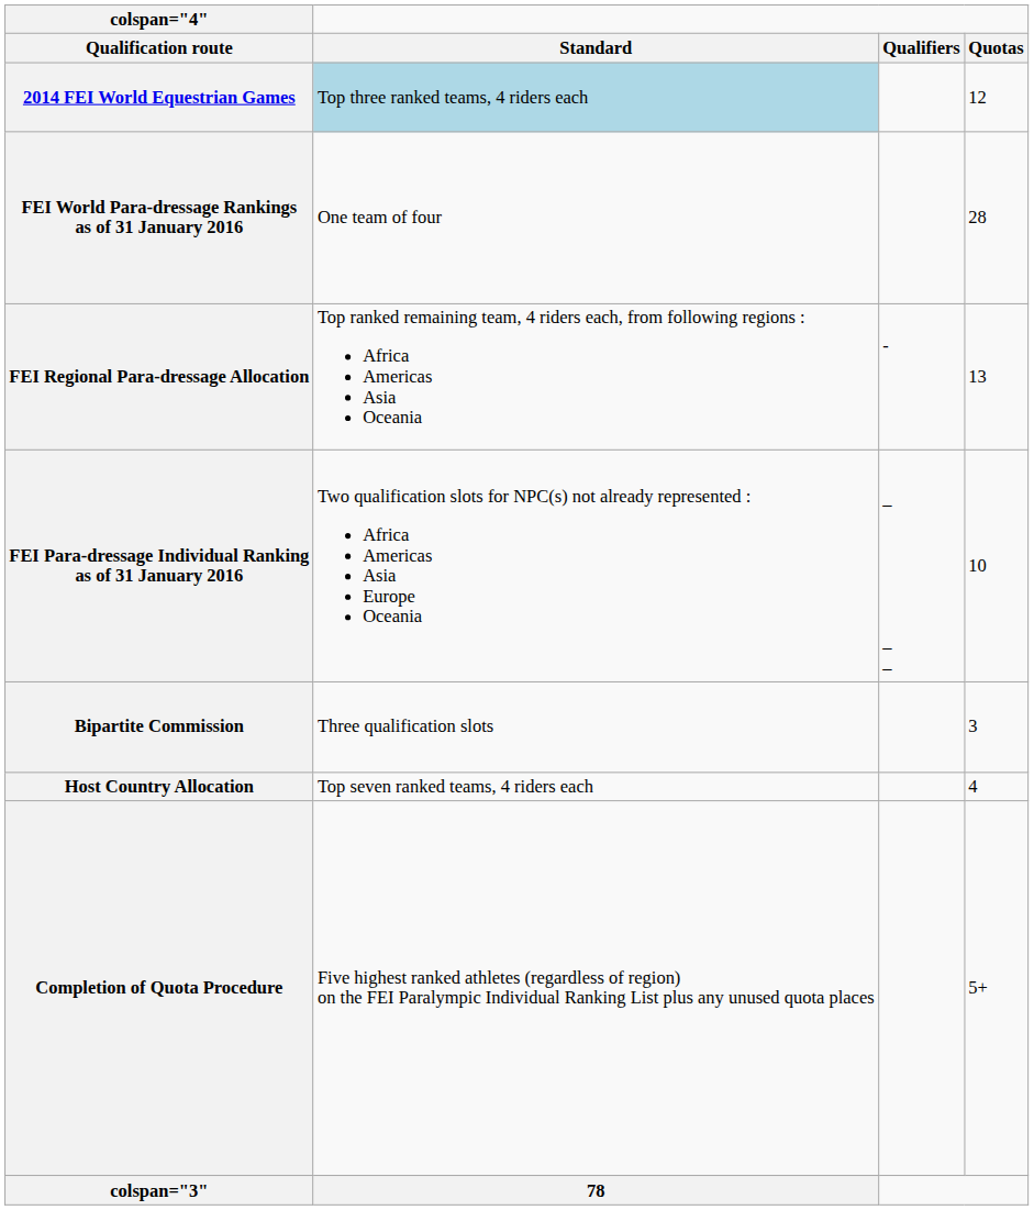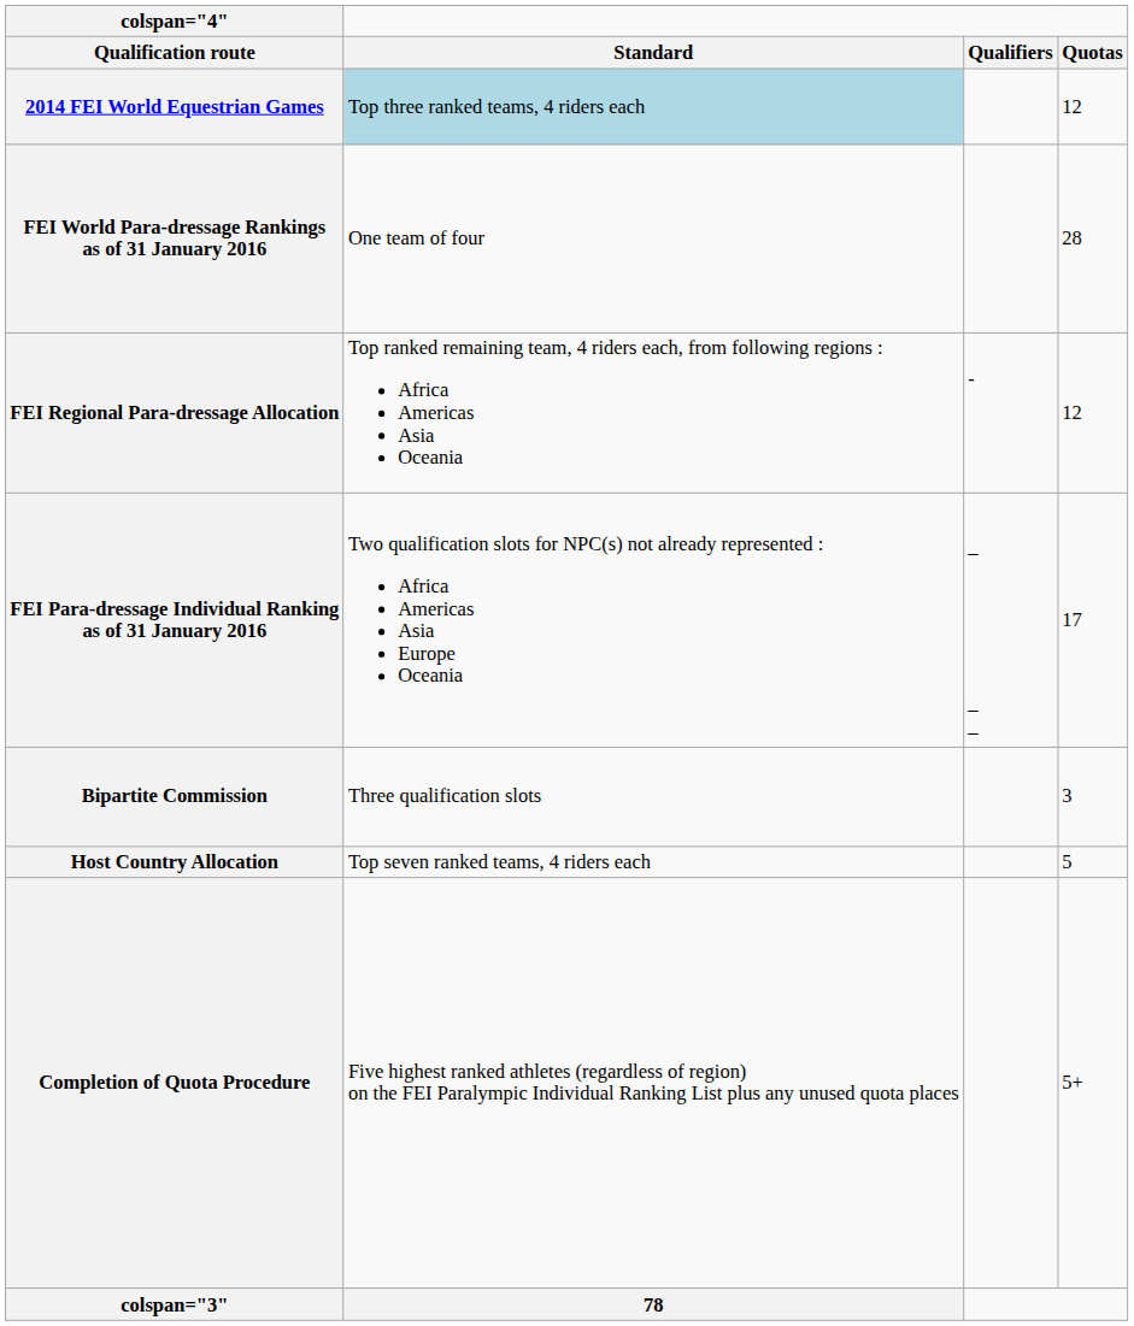 <table class="wikitable">
 <tr>
 <th>colspan="4" <strong></strong></th>
 </tr>
 <tr>
 <th>Qualification route</th>
 <th>Standard</th>
 <th>Qualifiers</th>
 <th>Quotas</th>
 </tr>
 <tr>
 <th><strong><a href='#'>2014 FEI World Equestrian Games</a></strong></th>
 <td style="background: lightblue;">Top three ranked teams, 4 riders each</td>
 <td><br> <br> <br></td>
 <td>12</td>
 </tr>
 <tr>
 <th><strong>FEI World Para-dressage Rankings</strong><br>as of 31 January 2016</th>
 <td>One team of four</td>
 <td><br><br><br> <br> <br> <br> <br> <br></td>
 <td>28</td>
 </tr>
 <tr>
 <th><strong>FEI Regional Para-dressage Allocation</strong></th>
 <td>Top ranked remaining team, 4 riders each, from following regions :<br><ul><li>Africa</li><li>Americas</li><li>Asia</li><li>Oceania</li></ul></td>
 <td>-<br><br><br><br></td>
-<td>13</td>
+<td>12</td>
 </tr>
 <tr>
 <th><strong>FEI Para-dressage Individual Ranking</strong><br>as of 31 January 2016</th>
 <td>Two qualification slots for NPC(s) not already represented :<br><ul><li>Africa</li><li>Americas</li><li>Asia</li><li>Europe</li><li>Oceania</li></ul></td>
 <td><br><br>– <br> <br> <br> <br> <br> <br> <br> – <br> – <br></td>
-<td>10</td>
+<td>17</td>
 </tr>
 <tr>
 <th><strong>Bipartite Commission</strong></th>
 <td>Three qualification slots</td>
 <td><br><br><br> <br></td>
 <td>3</td>
 </tr>
 <tr>
 <th><strong>Host Country Allocation</strong></th>
 <td>Top seven ranked teams, 4 riders each</td>
 <td></td>
-<td>4</td>
+<td>5</td>
 </tr>
 <tr>
 <th><strong>Completion of Quota Procedure</strong></th>
 <td>Five highest ranked athletes (regardless of region)<br> on the FEI Paralympic Individual Ranking List plus any unused quota places</td>
 <td><br><br><br> <br> <br> <br><br> <br> <br> <br> <br> <br> <br> <br> <br> <br> <br> <br></td>
 <td>5+</td>
 </tr>
 <tr>
 <th>colspan="3" <strong></strong></th>
 <th><strong>78</strong></th>
 </tr>
 </table>
